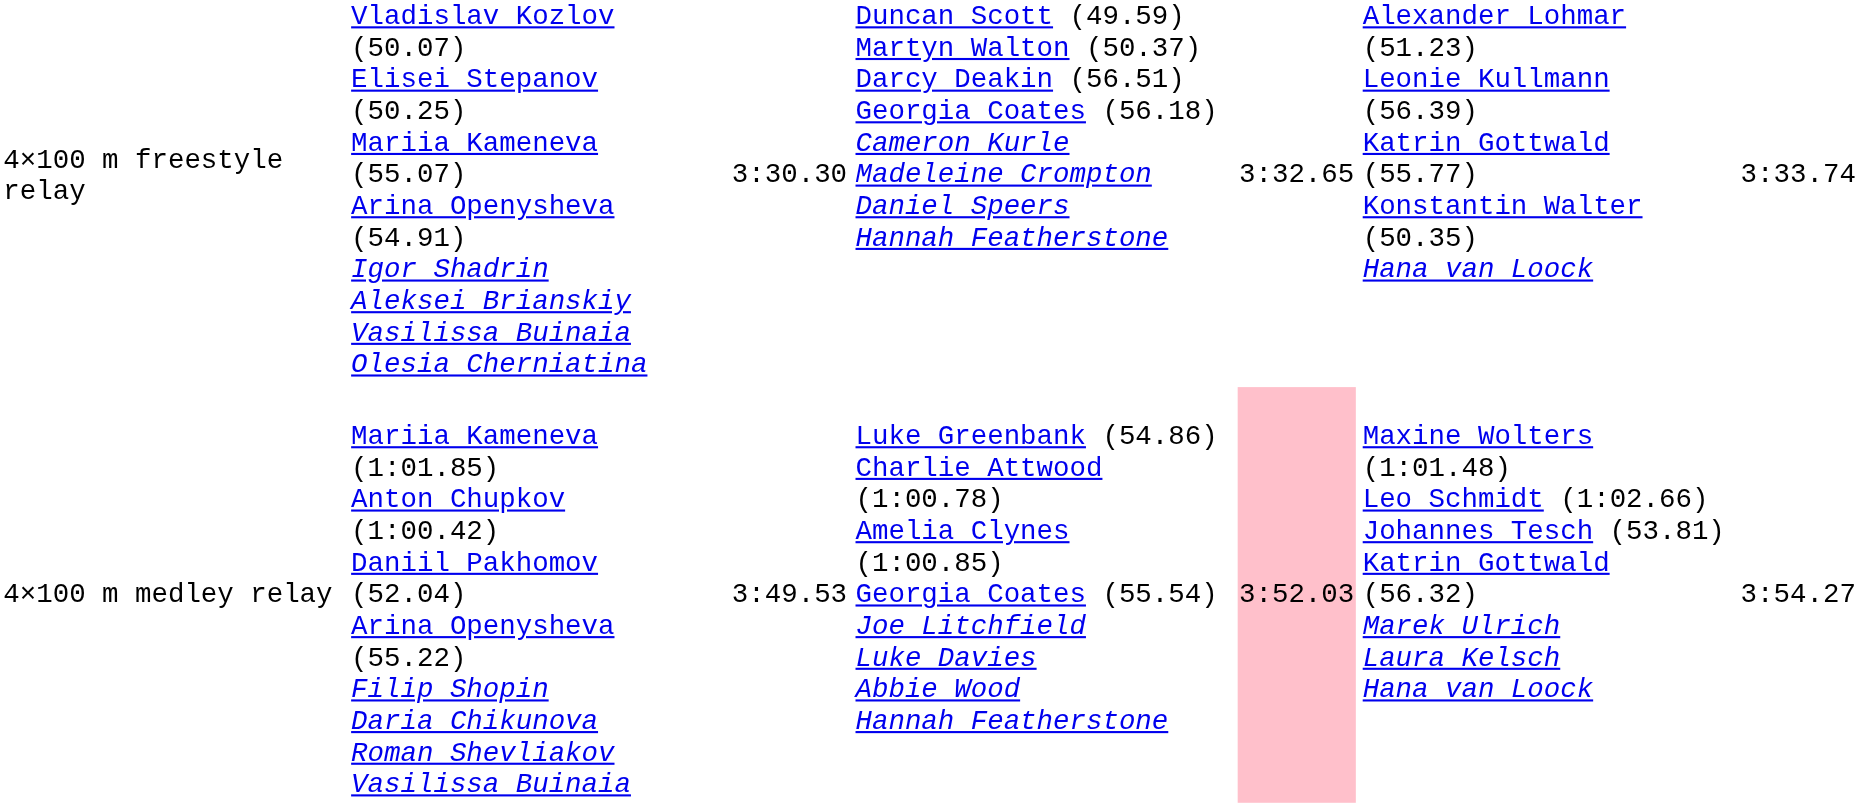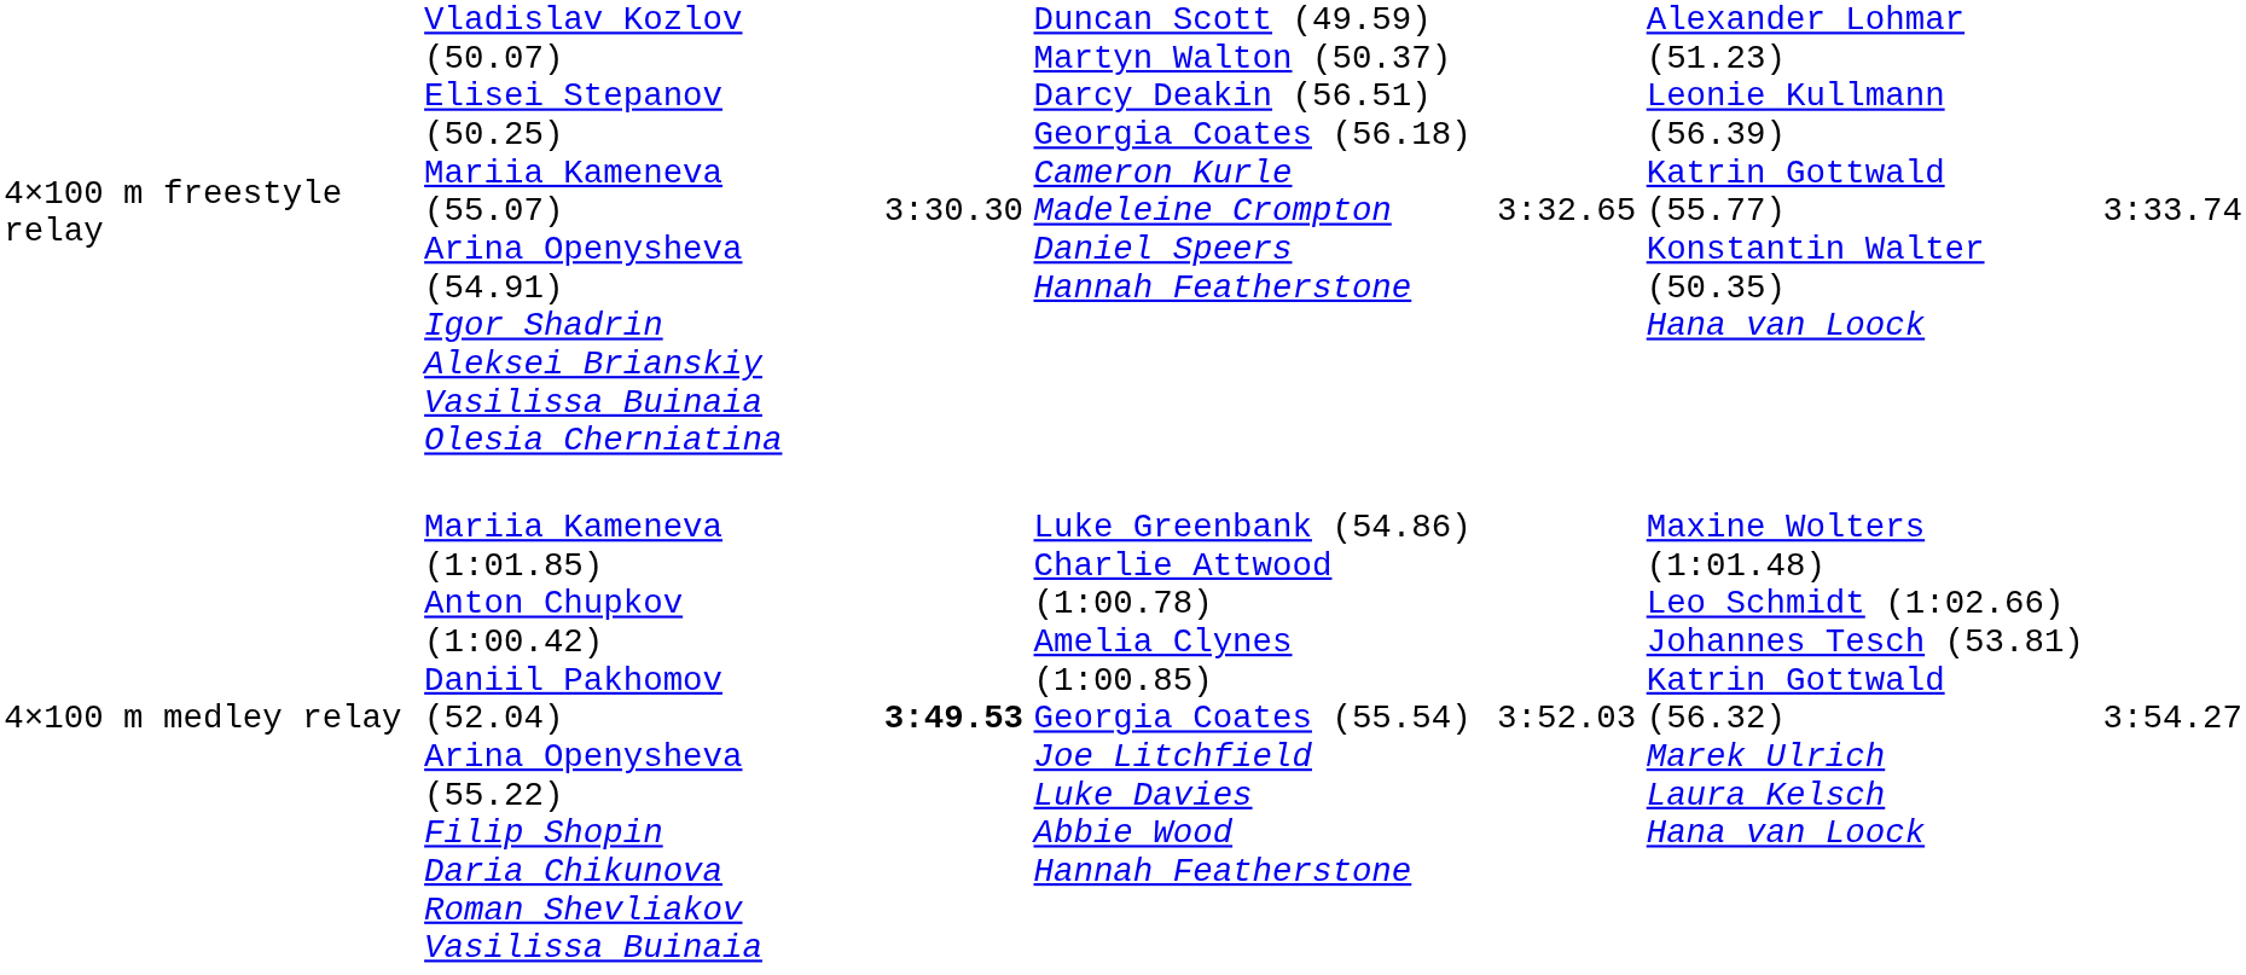 <table>
 <tr>
 <td>4×100 m freestyle relay<br></td>
 <td valign=top><br><a href='#'>Vladislav Kozlov</a> (50.07)<br><a href='#'>Elisei Stepanov</a> (50.25)<br><a href='#'>Mariia Kameneva</a> (55.07)<br><a href='#'>Arina Openysheva</a> (54.91)<br><em><a href='#'>Igor Shadrin</a><br><a href='#'>Aleksei Brianskiy</a><br><a href='#'>Vasilissa Buinaia</a><br><a href='#'>Olesia Cherniatina</a></em></td>
 <td>3:30.30</td>
 <td valign=top><br><a href='#'>Duncan Scott</a> (49.59)<br><a href='#'>Martyn Walton</a> (50.37)<br><a href='#'>Darcy Deakin</a> (56.51)<br><a href='#'>Georgia Coates</a> (56.18)<br><em><a href='#'>Cameron Kurle</a><br><a href='#'>Madeleine Crompton</a><br><a href='#'>Daniel Speers</a><br><a href='#'>Hannah Featherstone</a></em></td>
 <td>3:32.65</td>
 <td valign=top><br><a href='#'>Alexander Lohmar</a> (51.23)<br><a href='#'>Leonie Kullmann</a> (56.39)<br><a href='#'>Katrin Gottwald</a> (55.77)<br><a href='#'>Konstantin Walter</a> (50.35)<br><em><a href='#'>Hana van Loock</a></em></td>
 <td>3:33.74</td>
 </tr>
 <tr>
 <td>4×100 m medley relay<br></td>
 <td valign=top><br><a href='#'>Mariia Kameneva</a> (1:01.85)<br><a href='#'>Anton Chupkov</a> (1:00.42)<br><a href='#'>Daniil Pakhomov</a> (52.04)<br><a href='#'>Arina Openysheva</a> (55.22)<br><em><a href='#'>Filip Shopin</a><br><a href='#'>Daria Chikunova</a><br><a href='#'>Roman Shevliakov</a><br><a href='#'>Vasilissa Buinaia</a></em></td>
-<td>3:49.53</td>
+<td><strong>3:49.53</strong></td>
 <td valign=top><br><a href='#'>Luke Greenbank</a> (54.86)<br><a href='#'>Charlie Attwood</a> (1:00.78)<br><a href='#'>Amelia Clynes</a> (1:00.85)<br><a href='#'>Georgia Coates</a> (55.54)<br><em><a href='#'>Joe Litchfield</a><br><a href='#'>Luke Davies</a><br><a href='#'>Abbie Wood</a><br><a href='#'>Hannah Featherstone</a></em></td>
-<td style="background: pink;">3:52.03</td>
+<td>3:52.03</td>
 <td valign=top><br><a href='#'>Maxine Wolters</a> (1:01.48)<br><a href='#'>Leo Schmidt</a> (1:02.66)<br><a href='#'>Johannes Tesch</a> (53.81)<br><a href='#'>Katrin Gottwald</a> (56.32)<br><em><a href='#'>Marek Ulrich</a><br><a href='#'>Laura Kelsch</a><br><a href='#'>Hana van Loock</a></em></td>
 <td>3:54.27</td>
 </tr>
 </table>
